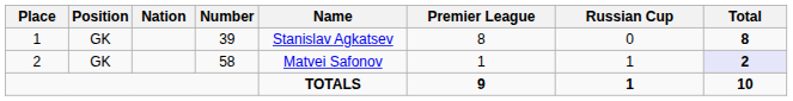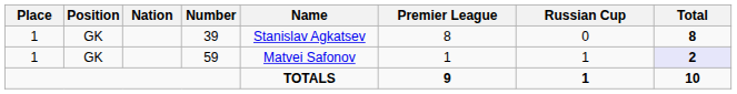 <table class="wikitable" style="font-size: 95%; text-align: center;">
 <tr>
 <th width=60>Place</th>
 <th width=60>Position</th>
 <th width=60>Nation</th>
 <th width=60>Number</th>
 <th width=150>Name</th>
 <th width=150>Premier League</th>
 <th width=150>Russian Cup</th>
 <th width=80><strong>Total</strong></th>
 </tr>
 <tr>
 <td>1</td>
 <td>GK</td>
 <td></td>
 <td>39</td>
 <td><a href='#'>Stanislav Agkatsev</a></td>
 <td>8</td>
 <td>0</td>
 <td><strong>8</strong></td>
 </tr>
 <tr>
-<td>2</td>
+<td>1</td>
 <td>GK</td>
 <td></td>
-<td>58</td>
+<td>59</td>
 <td><a href='#'>Matvei Safonov</a></td>
 <td>1</td>
 <td>1</td>
 <td style="background: lavender;"><strong>2</strong></td>
 </tr>
 <tr>
 <td colspan="4"></td>
 <td><strong>TOTALS</strong></td>
 <td><strong>9</strong></td>
 <td><strong>1</strong></td>
 <td><strong>10</strong></td>
 </tr>
 </table>
